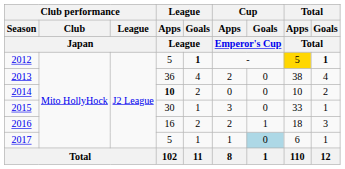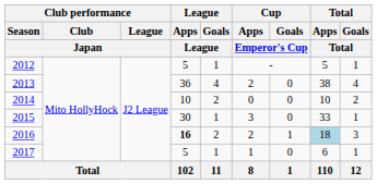 <table class="wikitable" style="text-align:center;">
 <tr>
 <th colspan=3>Club performance</th>
 <th colspan=2>League</th>
 <th colspan=2>Cup</th>
 <th colspan=2>Total</th>
 </tr>
 <tr>
 <th>Season</th>
 <th>Club</th>
 <th>League</th>
 <th>Apps</th>
 <th>Goals</th>
 <th>Apps</th>
 <th>Goals</th>
 <th>Apps</th>
 <th>Goals</th>
 </tr>
 <tr>
 <th colspan=3>Japan</th>
 <th colspan=2>League</th>
 <th colspan=2><a href='#'>Emperor's Cup</a></th>
 <th colspan=2>Total</th>
 </tr>
 <tr>
 <td><a href='#'>2012</a></td>
 <td rowspan="6"><a href='#'>Mito HollyHock</a></td>
 <td rowspan="6"><a href='#'>J2 League</a></td>
 <td>5</td>
-<td><strong>1</strong></td>
+<td>1</td>
 <td colspan="2">-</td>
-<td style="background: gold;">5</td>
-<td><strong>1</strong></td>
+<td>5</td>
+<td>1</td>
 </tr>
 <tr>
 <td><a href='#'>2013</a></td>
 <td>36</td>
 <td>4</td>
 <td>2</td>
 <td>0</td>
 <td>38</td>
 <td>4</td>
 </tr>
 <tr>
 <td><a href='#'>2014</a></td>
-<td><strong>10</strong></td>
+<td>10</td>
 <td>2</td>
 <td>0</td>
 <td>0</td>
 <td>10</td>
 <td>2</td>
 </tr>
 <tr>
 <td><a href='#'>2015</a></td>
 <td>30</td>
 <td>1</td>
 <td>3</td>
 <td>0</td>
 <td>33</td>
 <td>1</td>
 </tr>
 <tr>
 <td><a href='#'>2016</a></td>
-<td>16</td>
+<td><strong>16</strong></td>
 <td>2</td>
 <td>2</td>
 <td>1</td>
-<td>18</td>
+<td style="background: lightblue;">18</td>
 <td>3</td>
 </tr>
 <tr>
 <td><a href='#'>2017</a></td>
 <td>5</td>
 <td>1</td>
 <td>1</td>
-<td style="background: lightblue;">0</td>
+<td>0</td>
 <td>6</td>
 <td>1</td>
 </tr>
 <tr>
 <th colspan=3>Total</th>
 <th>102</th>
 <th>11</th>
 <th>8</th>
 <th>1</th>
 <th>110</th>
 <th>12</th>
 </tr>
 </table>
